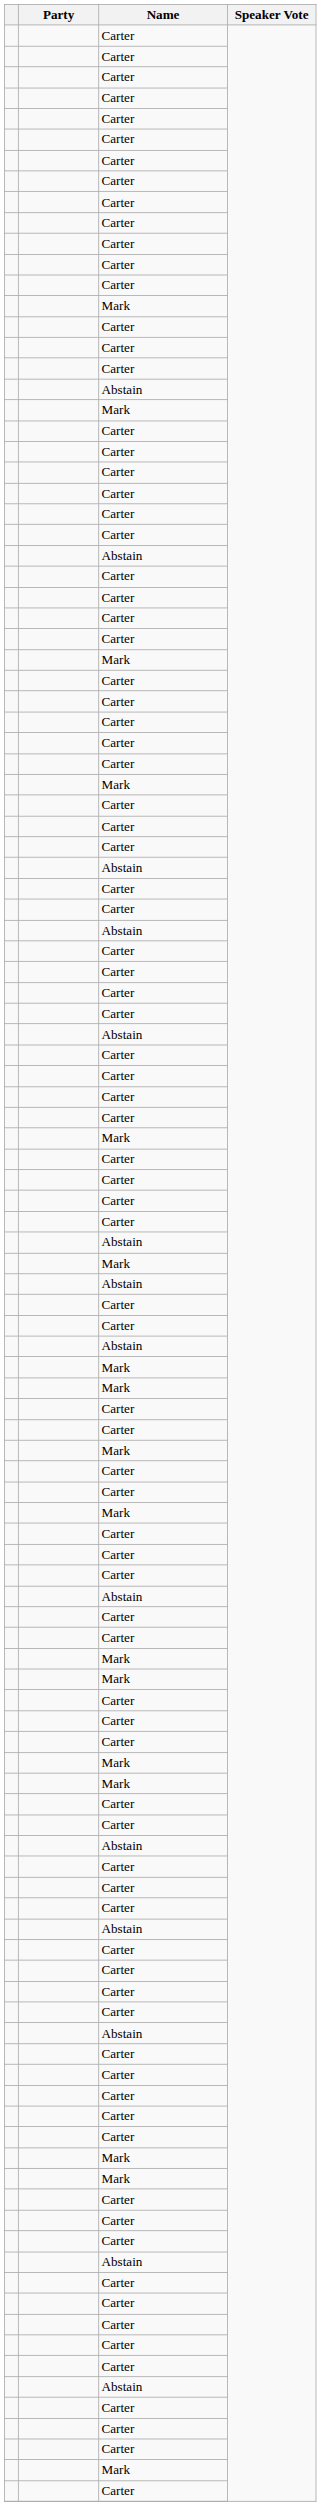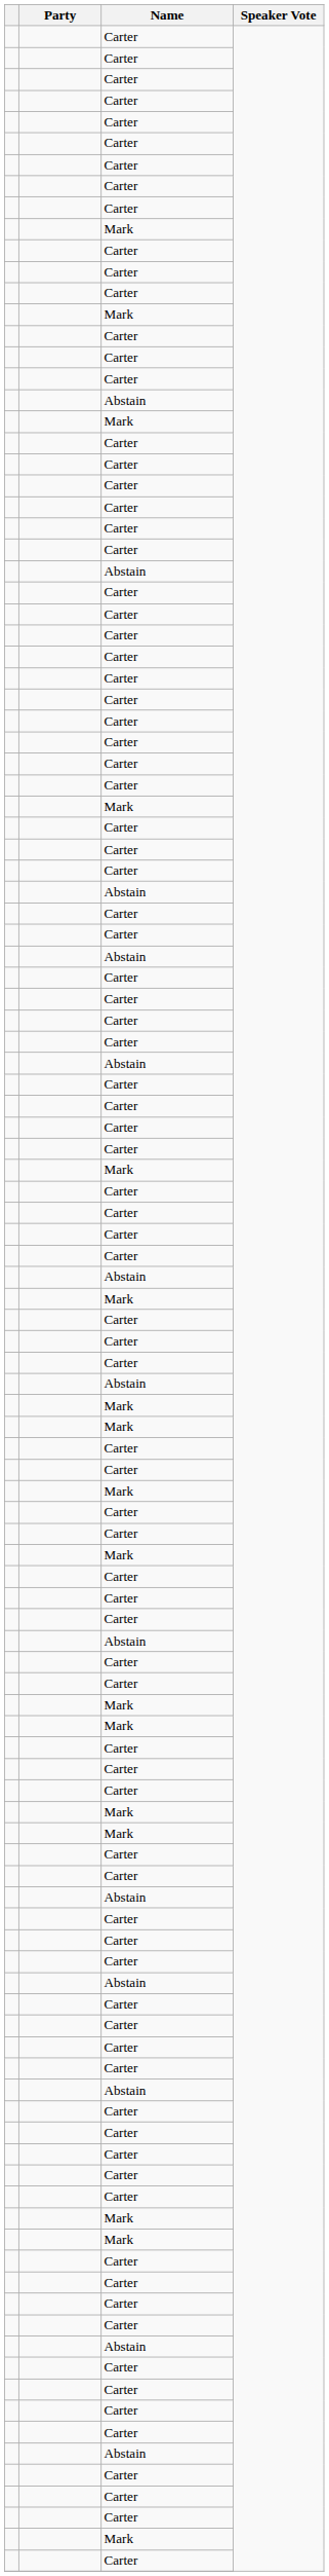 <table class="wikitable sortable mw-collapsible mw-collapsed">
 <tr>
 <th width=10  class=unsortable></th>
 <th width=90>Party</th>
 <th width=150>Name</th>
 <th width=100>Speaker Vote</th>
 </tr>
 <tr>
 <td></td>
 <td></td>
 <td>Carter</td>
 </tr>
 <tr>
 <td></td>
 <td></td>
 <td>Carter</td>
 </tr>
 <tr>
 <td></td>
 <td></td>
 <td>Carter</td>
 </tr>
 <tr>
 <td></td>
 <td></td>
 <td>Carter</td>
 </tr>
 <tr>
 <td></td>
 <td></td>
 <td>Carter</td>
 </tr>
 <tr>
 <td></td>
 <td></td>
 <td>Carter</td>
 </tr>
 <tr>
 <td></td>
 <td></td>
 <td>Carter</td>
 </tr>
 <tr>
 <td></td>
 <td></td>
 <td>Carter</td>
 </tr>
 <tr>
 <td></td>
 <td></td>
 <td>Carter</td>
 </tr>
 <tr>
 <td></td>
 <td></td>
-<td>Carter</td>
+<td>Mark</td>
 </tr>
 <tr>
 <td></td>
 <td></td>
 <td>Carter</td>
 </tr>
 <tr>
 <td></td>
 <td></td>
 <td>Carter</td>
 </tr>
 <tr>
 <td></td>
 <td></td>
 <td>Carter</td>
 </tr>
 <tr>
 <td></td>
 <td></td>
 <td>Mark</td>
 </tr>
 <tr>
 <td></td>
 <td></td>
 <td>Carter</td>
 </tr>
 <tr>
 <td></td>
 <td></td>
 <td>Carter</td>
 </tr>
 <tr>
 <td></td>
 <td></td>
 <td>Carter</td>
 </tr>
 <tr>
 <td></td>
 <td></td>
 <td>Abstain</td>
 </tr>
 <tr>
 <td></td>
 <td></td>
 <td>Mark</td>
 </tr>
 <tr>
 <td></td>
 <td></td>
 <td>Carter</td>
 </tr>
 <tr>
 <td></td>
 <td></td>
 <td>Carter</td>
 </tr>
 <tr>
 <td></td>
 <td></td>
 <td>Carter</td>
 </tr>
 <tr>
 <td></td>
 <td></td>
 <td>Carter</td>
 </tr>
 <tr>
 <td></td>
 <td></td>
 <td>Carter</td>
 </tr>
 <tr>
 <td></td>
 <td></td>
 <td>Carter</td>
 </tr>
 <tr>
 <td></td>
 <td></td>
 <td>Abstain</td>
 </tr>
 <tr>
 <td></td>
 <td></td>
 <td>Carter</td>
 </tr>
 <tr>
 <td></td>
 <td></td>
 <td>Carter</td>
 </tr>
 <tr>
 <td></td>
 <td></td>
 <td>Carter</td>
 </tr>
 <tr>
 <td></td>
 <td></td>
 <td>Carter</td>
 </tr>
 <tr>
 <td></td>
 <td></td>
-<td>Mark</td>
+<td>Carter</td>
 </tr>
 <tr>
 <td></td>
 <td></td>
 <td>Carter</td>
 </tr>
 <tr>
 <td></td>
 <td></td>
 <td>Carter</td>
 </tr>
 <tr>
 <td></td>
 <td></td>
 <td>Carter</td>
 </tr>
 <tr>
 <td></td>
 <td></td>
 <td>Carter</td>
 </tr>
 <tr>
 <td></td>
 <td></td>
 <td>Carter</td>
 </tr>
 <tr>
 <td></td>
 <td></td>
 <td>Mark</td>
 </tr>
 <tr>
 <td></td>
 <td></td>
 <td>Carter</td>
 </tr>
 <tr>
 <td></td>
 <td></td>
 <td>Carter</td>
 </tr>
 <tr>
 <td></td>
 <td></td>
 <td>Carter</td>
 </tr>
 <tr>
 <td></td>
 <td></td>
 <td>Abstain</td>
 </tr>
 <tr>
 <td></td>
 <td></td>
 <td>Carter</td>
 </tr>
 <tr>
 <td></td>
 <td></td>
 <td>Carter</td>
 </tr>
 <tr>
 <td></td>
 <td></td>
 <td>Abstain</td>
 </tr>
 <tr>
 <td></td>
 <td></td>
 <td>Carter</td>
 </tr>
 <tr>
 <td></td>
 <td></td>
 <td>Carter</td>
 </tr>
 <tr>
 <td></td>
 <td></td>
 <td>Carter</td>
 </tr>
 <tr>
 <td></td>
 <td></td>
 <td>Carter</td>
 </tr>
 <tr>
 <td></td>
 <td></td>
 <td>Abstain</td>
 </tr>
 <tr>
 <td></td>
 <td></td>
 <td>Carter</td>
 </tr>
 <tr>
 <td></td>
 <td></td>
 <td>Carter</td>
 </tr>
 <tr>
 <td></td>
 <td></td>
 <td>Carter</td>
 </tr>
 <tr>
 <td></td>
 <td></td>
 <td>Carter</td>
 </tr>
 <tr>
 <td></td>
 <td></td>
 <td>Mark</td>
 </tr>
 <tr>
 <td></td>
 <td></td>
 <td>Carter</td>
 </tr>
 <tr>
 <td></td>
 <td></td>
 <td>Carter</td>
 </tr>
 <tr>
 <td></td>
 <td></td>
 <td>Carter</td>
 </tr>
 <tr>
 <td></td>
 <td></td>
 <td>Carter</td>
 </tr>
 <tr>
 <td></td>
 <td></td>
 <td>Abstain</td>
 </tr>
 <tr>
 <td></td>
 <td></td>
 <td>Mark</td>
 </tr>
 <tr>
 <td></td>
 <td></td>
-<td>Abstain</td>
+<td>Carter</td>
 </tr>
 <tr>
 <td></td>
 <td></td>
 <td>Carter</td>
 </tr>
 <tr>
 <td></td>
 <td></td>
 <td>Carter</td>
 </tr>
 <tr>
 <td></td>
 <td></td>
 <td>Abstain</td>
 </tr>
 <tr>
 <td></td>
 <td></td>
 <td>Mark</td>
 </tr>
 <tr>
 <td></td>
 <td></td>
 <td>Mark</td>
 </tr>
 <tr>
 <td></td>
 <td></td>
 <td>Carter</td>
 </tr>
 <tr>
 <td></td>
 <td></td>
 <td>Carter</td>
 </tr>
 <tr>
 <td></td>
 <td></td>
 <td>Mark</td>
 </tr>
 <tr>
 <td></td>
 <td></td>
 <td>Carter</td>
 </tr>
 <tr>
 <td></td>
 <td></td>
 <td>Carter</td>
 </tr>
 <tr>
 <td></td>
 <td></td>
 <td>Mark</td>
 </tr>
 <tr>
 <td></td>
 <td></td>
 <td>Carter</td>
 </tr>
 <tr>
 <td></td>
 <td></td>
 <td>Carter</td>
 </tr>
 <tr>
 <td></td>
 <td></td>
 <td>Carter</td>
 </tr>
 <tr>
 <td></td>
 <td></td>
 <td>Abstain</td>
 </tr>
 <tr>
 <td></td>
 <td></td>
 <td>Carter</td>
 </tr>
 <tr>
 <td></td>
 <td></td>
 <td>Carter</td>
 </tr>
 <tr>
 <td></td>
 <td></td>
 <td>Mark</td>
 </tr>
 <tr>
 <td></td>
 <td></td>
 <td>Mark</td>
 </tr>
 <tr>
 <td></td>
 <td></td>
 <td>Carter</td>
 </tr>
 <tr>
 <td></td>
 <td></td>
 <td>Carter</td>
 </tr>
 <tr>
 <td></td>
 <td></td>
 <td>Carter</td>
 </tr>
 <tr>
 <td></td>
 <td></td>
 <td>Mark</td>
 </tr>
 <tr>
 <td></td>
 <td></td>
 <td>Mark</td>
 </tr>
 <tr>
 <td></td>
 <td></td>
 <td>Carter</td>
 </tr>
 <tr>
 <td></td>
 <td></td>
 <td>Carter</td>
 </tr>
 <tr>
 <td></td>
 <td></td>
 <td>Abstain</td>
 </tr>
 <tr>
 <td></td>
 <td></td>
 <td>Carter</td>
 </tr>
 <tr>
 <td></td>
 <td></td>
 <td>Carter</td>
 </tr>
 <tr>
 <td></td>
 <td></td>
 <td>Carter</td>
 </tr>
 <tr>
 <td></td>
 <td></td>
 <td>Abstain</td>
 </tr>
 <tr>
 <td></td>
 <td></td>
 <td>Carter</td>
 </tr>
 <tr>
 <td></td>
 <td></td>
 <td>Carter</td>
 </tr>
 <tr>
 <td></td>
 <td></td>
 <td>Carter</td>
 </tr>
 <tr>
 <td></td>
 <td></td>
 <td>Carter</td>
 </tr>
 <tr>
 <td></td>
 <td></td>
 <td>Abstain</td>
 </tr>
 <tr>
 <td></td>
 <td></td>
 <td>Carter</td>
 </tr>
 <tr>
 <td></td>
 <td></td>
 <td>Carter</td>
 </tr>
 <tr>
 <td></td>
 <td></td>
 <td>Carter</td>
 </tr>
 <tr>
 <td></td>
 <td></td>
 <td>Carter</td>
 </tr>
 <tr>
 <td></td>
 <td></td>
 <td>Carter</td>
 </tr>
 <tr>
 <td></td>
 <td></td>
 <td>Mark</td>
 </tr>
 <tr>
 <td></td>
 <td></td>
 <td>Mark</td>
 </tr>
 <tr>
 <td></td>
 <td></td>
 <td>Carter</td>
 </tr>
 <tr>
 <td></td>
 <td></td>
 <td>Carter</td>
 </tr>
 <tr>
 <td></td>
 <td></td>
 <td>Carter</td>
 </tr>
 <tr>
 <td></td>
 <td></td>
-<td>Abstain</td>
+<td>Carter</td>
 </tr>
 <tr>
 <td></td>
 <td></td>
-<td>Carter</td>
+<td>Abstain</td>
 </tr>
 <tr>
 <td></td>
 <td></td>
 <td>Carter</td>
 </tr>
 <tr>
 <td></td>
 <td></td>
 <td>Carter</td>
 </tr>
 <tr>
 <td></td>
 <td></td>
 <td>Carter</td>
 </tr>
 <tr>
 <td></td>
 <td></td>
 <td>Carter</td>
 </tr>
 <tr>
 <td></td>
 <td></td>
 <td>Abstain</td>
 </tr>
 <tr>
 <td></td>
 <td></td>
 <td>Carter</td>
 </tr>
 <tr>
 <td></td>
 <td></td>
 <td>Carter</td>
 </tr>
 <tr>
 <td></td>
 <td></td>
 <td>Carter</td>
 </tr>
 <tr>
 <td></td>
 <td></td>
 <td>Mark</td>
 </tr>
 <tr>
 <td></td>
 <td></td>
 <td>Carter</td>
 </tr>
 <tr>
 </tr>
 </table>
